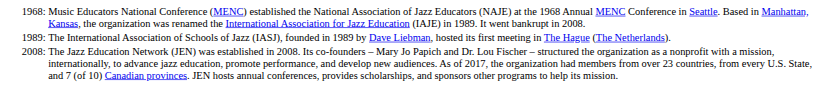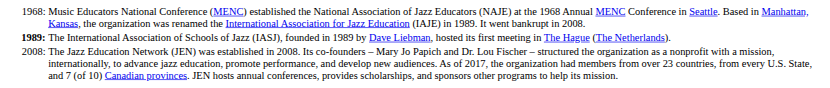 <table valign="top"; border="0" cellpadding="1" style="color:black; background-color: #FFFFFF">
 <tr valign="top">
 <td width="5%" style="text-align:right">1968:</td>
 <td width="95%" style="text-align:left">Music Educators National Conference (<a href='#'>MENC</a>) established the National Association of Jazz Educators (NAJE) at the 1968 Annual <a href='#'>MENC</a> Conference in <a href='#'>Seattle</a>. Based in <a href='#'>Manhattan, Kansas</a>, the organization was renamed the <a href='#'>International Association for Jazz Education</a> (IAJE) in 1989. It went bankrupt in 2008.</td>
 </tr>
 <tr valign="top">
-<td width="5%" style="text-align:right">1989:</td>
+<td width="5%" style="text-align:right"><strong>1989:</strong></td>
 <td width="95%" style="text-align:left">The International Association of Schools of Jazz (IASJ), founded in 1989 by <a href='#'>Dave Liebman</a>, hosted its first meeting in <a href='#'>The Hague</a> (<a href='#'>The Netherlands</a>).</td>
 </tr>
 <tr valign="top">
 <td width="5%" style="text-align:right">2008:</td>
 <td width="95%" style="text-align:left">The Jazz Education Network (JEN) was established in 2008. Its co-founders – Mary Jo Papich and Dr. Lou Fischer – structured the organization as a nonprofit with a mission, internationally, to advance jazz education, promote performance, and develop new audiences.  As of 2017, the organization had members from over 23 countries, from every U.S. State, and 7 (of 10) <a href='#'>Canadian provinces</a>.  JEN hosts annual conferences, provides scholarships, and sponsors other programs to help its mission.</td>
 </tr>
 </table>
